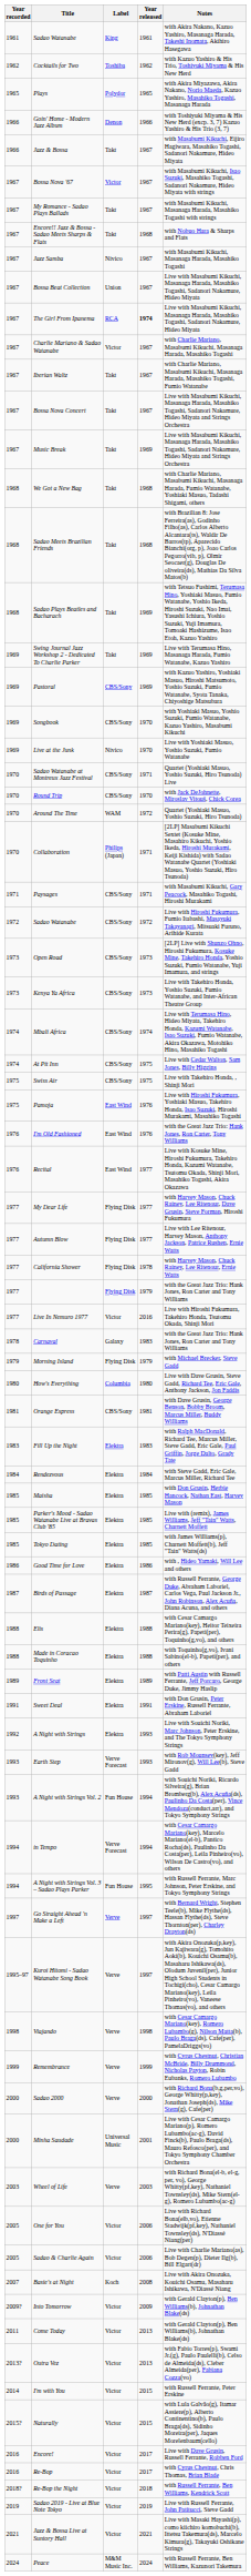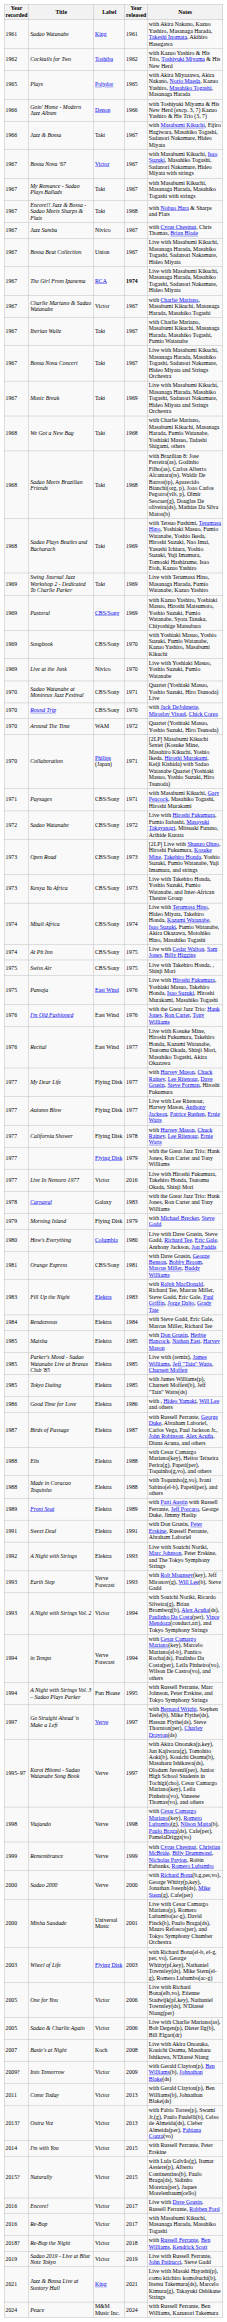 <table class="wikitable">
 <tr>
 <th column style="width:6%;">Year recorded</th>
 <th column style="width:35%;">Title</th>
 <th column style="width:15%;">Label</th>
 <th column style="width:6%;">Year released</th>
 <th column style="width:38%;">Notes</th>
 </tr>
 <tr>
 <td>1961</td>
 <td><em>Sadao Watanabe</em></td>
 <td><a href='#'>King</a></td>
 <td>1961</td>
 <td>with Akira Nakano, Kazuo Yashiro, Masanaga Harada, <a href='#'>Takeshi Inomata</a>, Akihiro Hasegawa</td>
 </tr>
 <tr>
 <td>1962</td>
 <td><em>Cocktails for Two</em></td>
 <td><a href='#'>Toshiba</a></td>
 <td>1962</td>
 <td>with Kazuo Yashiro & His Trio, <a href='#'>Toshiyuki Miyama</a> & His New Herd</td>
 </tr>
 <tr>
 <td>1965</td>
 <td><em>Plays</em></td>
 <td><a href='#'>Polydor</a></td>
 <td>1965</td>
 <td>with Akira Miyazawa, Akira Nakano, <a href='#'>Norio Maeda</a>, Kazuo Yashiro, <a href='#'>Masahiko Togashi</a>, Masanaga Harada</td>
 </tr>
 <tr>
 <td>1966</td>
 <td><em>Goin' Home - Modern Jazz Album</em></td>
 <td><a href='#'>Denon</a></td>
 <td>1966</td>
 <td>with Toshiyuki Miyama & His New Herd (excp. 3, 7) Kazuo Yashiro & His Trio (3, 7)</td>
 </tr>
 <tr>
 <td>1966</td>
 <td><em>Jazz & Bossa</em></td>
 <td>Takt</td>
 <td>1967</td>
 <td>with <a href='#'>Masabumi Kikuchi</a>, Eijiro Hagiwara, Masahiko Togashi, Sadanori Nakamure, Hideo Miyata</td>
 </tr>
 <tr>
 <td>1967</td>
 <td><em>Bossa Nova '67</em></td>
 <td><a href='#'>Victor</a></td>
 <td>1967</td>
 <td>with Masabumi Kikuchi, <a href='#'>Isao Suzuki</a>, Masahiko Togashi, Sadanori Nakamure, Hideo Miyata with strings</td>
 </tr>
 <tr>
 <td>1967</td>
 <td><em>My Romance - Sadao Plays Ballads</em></td>
 <td>Takt</td>
 <td>1967</td>
 <td>with Masabumi Kikuchi, Masanaga Harada, Masahiko Togashi with strings</td>
 </tr>
 <tr>
 <td>1967</td>
 <td><em>Encore!! Jazz & Bossa - Sadao Meets Sharps & Flats</em></td>
 <td>Takt</td>
 <td>1968</td>
 <td>with <a href='#'>Nobuo Hara</a> & Sharps and Flats</td>
 </tr>
 <tr>
 <td>1967</td>
 <td><em>Jazz Samba</em></td>
 <td>Nivico</td>
 <td>1967</td>
-<td>with Masabumi Kikuchi, Masanaga Harada, Masahiko Togashi</td>
+<td>with <a href='#'>Cyrus Chestnut</a>, Chris Thomas, <a href='#'>Brian Blade</a></td>
 </tr>
 <tr>
 <td>1967</td>
 <td><em>Bossa Beat Collection</em></td>
 <td>Union</td>
 <td>1967</td>
 <td>Live with Masabumi Kikuchi, Masanaga Harada, Masahiko Togashi, Sadanori Nakamure, Hideo Miyata</td>
 </tr>
 <tr>
 <td>1967</td>
 <td><em>The Girl From Ipanema</em></td>
 <td><a href='#'>RCA</a></td>
 <td><strong>1974</strong></td>
 <td>Live with Masabumi Kikuchi, Masanaga Harada, Masahiko Togashi, Sadanori Nakamure, Hideo Miyata</td>
 </tr>
 <tr>
 <td>1967</td>
 <td><em>Charlie Mariano & Sadao Watanabe</em></td>
 <td>Victor</td>
 <td>1967</td>
 <td>with <a href='#'>Charlie Mariano</a>, Masabumi Kikuchi, Masanaga Harada, Masahiko Togashi</td>
 </tr>
 <tr>
 <td>1967</td>
 <td><em>Iberian Waltz</em></td>
 <td>Takt</td>
 <td>1967</td>
 <td>with Charlie Mariano, Masabumi Kikuchi, Masanaga Harada, Masahiko Togashi, Fumio Watanabe</td>
 </tr>
 <tr>
 <td>1967</td>
 <td><em>Bossa Nova Concert</em></td>
 <td>Takt</td>
 <td>1967</td>
 <td>Live with Masabumi Kikuchi, Masanaga Harada, Masahiko Togashi, Sadanori Nakamure, Hideo Miyata and Strings Orchestra</td>
 </tr>
 <tr>
 <td>1967</td>
 <td><em>Music Break</em></td>
 <td>Takt</td>
 <td>1969</td>
 <td>Live with Masabumi Kikuchi, Masanaga Harada, Masahiko Togashi, Sadanori Nakamure, Hideo Miyata and Strings Orchestra</td>
 </tr>
 <tr>
 <td>1968</td>
 <td><em>We Got a New Bag</em></td>
 <td>Takt</td>
 <td>1968</td>
 <td>with Charlie Mariano, Masabumi Kikuchi, Masanaga Harada, Fumio Watanabe, Yoshiaki Masuo, Tadashi Shigami, others</td>
 </tr>
 <tr>
 <td>1968</td>
 <td><em>Sadao Meets Brazilian Friends</em></td>
 <td>Takt</td>
 <td>1968</td>
 <td>with Brazilian 8: Jose Ferreira(as), Godinho Filho(as), Carlos Alberto Alcantara(ts), Waldir De Barros(tp), Aparecido Bianchi(org, p), Joao Carlos Pegorro(vib, p), Olmir Seocaer(g), Douglas De oliveira(ds), Mathias Da Silva Matos(b)</td>
 </tr>
 <tr>
 <td>1968</td>
 <td><em>Sadao Plays Beatles and Bacharach</em></td>
 <td>Takt</td>
 <td>1969</td>
 <td>with Tetsuo Fushimi, <a href='#'>Terumasa Hino</a>, Yoshiaki Masuo, Fumio Watanabe, Yoshio Ikeda, Hiroshi Suzuki, Nao Imai, Yasushi Ichiura, Yoshio Suzuki, Yuji Imamura, Tomoaki Hashizume, Isao Etoh, Kazuo Yashiro</td>
 </tr>
 <tr>
 <td>1969</td>
 <td><em>Swing Journal Jazz Workshop 2 - Dedicated To Charlie Parker</em></td>
 <td>Takt</td>
 <td>1969</td>
 <td>Live with Terumasa Hino, Masanaga Harada, Fumio Watanabe, Kazuo Yashiro</td>
 </tr>
 <tr>
 <td>1969</td>
 <td><em>Pastoral</em></td>
 <td><a href='#'>CBS/Sony</a></td>
 <td>1969</td>
 <td>with Kazuo Yashiro, Yoshiaki Masuo, Hiroshi Matsumoto, Yoshio Suzuki, Fumio Watanabe, Syota Tanaka, Chiyoshige Matsubara</td>
 </tr>
 <tr>
 <td>1969</td>
 <td><em>Songbook</em></td>
 <td>CBS/Sony</td>
 <td>1970</td>
 <td>with Yoshiaki Masuo, Yoshio Suzuki, Fumio Watanabe, Kazuo Yashiro, Masabumi Kikuchi</td>
 </tr>
 <tr>
 <td>1969</td>
 <td><em>Live at the Junk</em></td>
 <td>Nivico</td>
 <td>1970</td>
 <td>Live with Yoshiaki Masuo, Yoshio Suzuki, Fumio Watanabe</td>
 </tr>
 <tr>
 <td>1970</td>
 <td><em>Sadao Watanabe at Montreux Jazz Festival</em></td>
 <td>CBS/Sony</td>
 <td>1971</td>
 <td>Quartet (Yoshiaki Masuo, Yoshio Suzuki, Hiro Tsunoda) Live</td>
 </tr>
 <tr>
 <td>1970</td>
 <td><em><a href='#'>Round Trip</a></em></td>
 <td>CBS/Sony</td>
 <td>1970</td>
 <td>with <a href='#'>Jack DeJohnette</a>, <a href='#'>Miroslav Vitouš</a>, <a href='#'>Chick Corea</a></td>
 </tr>
 <tr>
 <td>1970</td>
 <td><em>Around The Time</em></td>
 <td>WAM</td>
 <td>1972</td>
 <td>Quartet (Yoshiaki Masuo, Yoshio Suzuki, Hiro Tsunoda)</td>
 </tr>
 <tr>
 <td>1970</td>
 <td><em>Collaboration</em></td>
 <td><a href='#'>Philips</a> (Japan)</td>
 <td>1971</td>
 <td>[2LP] Masabumi Kikuchi Sextet (Kosuke Mine, Masahiro Kikuchi, Yoshio Ikeda, <a href='#'>Hiroshi Murakami</a>, Keiji Kishida) with Sadao Watanabe Quartet (Yoshiaki Masuo, Yoshio Suzuki, Hiro Tsunoda)</td>
 </tr>
 <tr>
 <td>1971</td>
 <td><em>Paysages</em></td>
 <td>CBS/Sony</td>
 <td>1971</td>
 <td>with Masabumi Kikuchi, <a href='#'>Gary Peacock</a>, Masahiko Togashi, Hiroshi Murakami</td>
 </tr>
 <tr>
 <td>1972</td>
 <td><em>Sadao Watanabe</em></td>
 <td>CBS/Sony</td>
 <td>1972</td>
 <td>Live with <a href='#'>Hiroshi Fukumura</a>, Fumio Itabashi, <a href='#'>Masayuki Takayanagi</a>, Mitsuaki Furuno, Arihide Kurata</td>
 </tr>
 <tr>
 <td>1973</td>
 <td><em>Open Road</em></td>
 <td>CBS/Sony</td>
 <td>1973</td>
 <td>[2LP] Live with <a href='#'>Shunzo Ohno</a>, Hiroshi Fukumura, <a href='#'>Kosuke Mine</a>, <a href='#'>Takehiro Honda</a>, Yoshio Suzuki, Fumio Watanabe, Yuji Imamura, and strings</td>
 </tr>
 <tr>
 <td>1973</td>
 <td><em>Kenya Ya Africa</em></td>
 <td>CBS/Sony</td>
 <td>1973</td>
 <td>Live with Takehiro Honda, Yoshio Suzuki, Fumio Watanabe, and Inter-African Theatre Group</td>
 </tr>
 <tr>
 <td>1974</td>
 <td><em>Mbali Africa</em></td>
 <td>CBS/Sony</td>
 <td>1974</td>
 <td>Live with <a href='#'>Terumasa Hino</a>, Hideo Miyata, Takehiro Honda, <a href='#'>Kazumi Watanabe</a>, <a href='#'>Isao Suzuki</a>, Fumio Watanabe, Akira Okazawa, Motohiko Hino, Masahiko Togashi</td>
 </tr>
 <tr>
 <td>1974</td>
 <td><em>At Pit Inn</em></td>
 <td>CBS/Sony</td>
 <td>1975</td>
 <td>Live with <a href='#'>Cedar Walton</a>, <a href='#'>Sam Jones</a>, <a href='#'>Billy Higgins</a></td>
 </tr>
 <tr>
 <td>1975</td>
 <td><em>Swiss Air</em></td>
 <td>CBS/Sony</td>
 <td>1975</td>
 <td>Live with Takehiro Honda, , Shinji Mori</td>
 </tr>
 <tr>
 <td>1975</td>
 <td><em>Pamoja</em></td>
 <td><a href='#'>East Wind</a></td>
 <td>1976</td>
 <td>Live with <a href='#'>Hiroshi Fukumura</a>, Yoshiaki Masuo, Takehiro Honda, <a href='#'>Isao Suzuki</a>, Hiroshi Murakami, Masahiko Togashi</td>
 </tr>
 <tr>
 <td>1976</td>
 <td><em><a href='#'>I'm Old Fashioned</a></em></td>
 <td>East Wind</td>
 <td>1976</td>
 <td>with the Great Jazz Trio: <a href='#'>Hank Jones</a>, <a href='#'>Ron Carter</a>, <a href='#'>Tony Williams</a></td>
 </tr>
 <tr>
 <td>1976</td>
 <td><em>Recital</em></td>
 <td>East Wind</td>
 <td>1977</td>
 <td>Live with Kosuke Mine, Hiroshi Fukumura, Takehiro Honda, Kazumi Watanabe, Tsutomu Okada, Shinji Mori, Masahiko Togashi, Akira Okazawa</td>
 </tr>
 <tr>
 <td>1977</td>
 <td><em>My Dear Life</em></td>
 <td>Flying Disk</td>
 <td>1977</td>
 <td>with <a href='#'>Harvey Mason</a>, <a href='#'>Chuck Rainey</a>, <a href='#'>Lee Ritenour</a>, <a href='#'>Dave Grusin</a>, <a href='#'>Steve Forman</a>, Hiroshi Fukumura</td>
 </tr>
 <tr>
 <td>1977</td>
 <td><em>Autumn Blow</em></td>
 <td>Flying Disk</td>
 <td>1977</td>
 <td>Live with Lee Ritenour, Harvey Mason, <a href='#'>Anthony Jackson</a>, <a href='#'>Patrice Rushen</a>, <a href='#'>Ernie Watts</a></td>
 </tr>
 <tr>
 <td>1977</td>
 <td><em>California Shower</em></td>
 <td>Flying Disk</td>
 <td>1978</td>
 <td>with <a href='#'>Harvey Mason</a>, <a href='#'>Chuck Rainey</a>, <a href='#'>Lee Ritenour</a>, <a href='#'>Ernie Watts</a></td>
 </tr>
 <tr>
 <td>1977</td>
 <td><em></em></td>
 <td><a href='#'>Flying Disk</a></td>
 <td>1979</td>
 <td>with the Great Jazz Trio: Hank Jones, Ron Carter and Tony Williams</td>
 </tr>
 <tr>
 <td>1977</td>
 <td><em>Live In Nemuro 1977</em></td>
 <td>Victor</td>
 <td>2016</td>
 <td>Live with Hiroshi Fukumura, Takehiro Honda, Tsutomu Okada, Shinji Mori</td>
 </tr>
 <tr>
 <td>1978</td>
 <td><em><a href='#'>Carnaval</a></em></td>
 <td>Galaxy</td>
 <td>1983</td>
 <td>with the Great Jazz Trio: Hank Jones, Ron Carter and Tony Williams</td>
 </tr>
 <tr>
 <td>1979</td>
 <td><em>Morning Island</em></td>
 <td>Flying Disk</td>
 <td>1979</td>
 <td>with <a href='#'>Michael Brecker</a>, <a href='#'>Steve Gadd</a></td>
 </tr>
 <tr>
 <td>1980</td>
 <td><em>How's Everything</em></td>
 <td><a href='#'>Columbia</a></td>
 <td>1980</td>
 <td>Live with Dave Grusin, Steve Gadd, <a href='#'>Richard Tee</a>, <a href='#'>Eric Gale</a>, Anthony Jackson, <a href='#'>Jon Faddis</a></td>
 </tr>
 <tr>
 <td>1981</td>
 <td><em>Orange Express</em></td>
 <td>CBS/Sony</td>
 <td>1981</td>
 <td>with Dave Grusin, <a href='#'>George Benson</a>, <a href='#'>Bobby Broom</a>, <a href='#'>Marcus Miller</a>, <a href='#'>Buddy Williams</a></td>
 </tr>
 <tr>
 <td>1983</td>
 <td><em>Fill Up the Night</em></td>
 <td><a href='#'>Elektra</a></td>
 <td>1983</td>
 <td>with <a href='#'>Ralph MacDonald</a>, Richard Tee, Marcus Miller, Steve Gadd, Eric Gale, <a href='#'>Paul Griffin</a>, <a href='#'>Jorge Dalto</a>, <a href='#'>Grady Tate</a></td>
 </tr>
 <tr>
 <td>1984</td>
 <td><em>Rendezvous</em></td>
 <td>Elektra</td>
 <td>1984</td>
 <td>with Steve Gadd, Eric Gale, Marcus Miller, Richard Tee</td>
 </tr>
 <tr>
 <td>1985</td>
 <td><em>Maisha</em></td>
 <td>Elektra</td>
 <td>1985</td>
 <td>with <a href='#'>Don Grusin</a>, <a href='#'>Herbie Hancock</a>, <a href='#'>Nathan East</a>, <a href='#'>Harvey Mason</a></td>
 </tr>
 <tr>
 <td>1985</td>
 <td><em>Parker's Mood - Sadao Watanabe Live at Bravas Club '85</em></td>
 <td>Elektra</td>
 <td>1985</td>
 <td>Live with (remix), <a href='#'>James Williams</a>, <a href='#'>Jeff "Tain" Watts</a>, <a href='#'>Charnett Moffett</a></td>
 </tr>
 <tr>
 <td>1985</td>
 <td><em>Tokyo Dating</em></td>
 <td>Elektra</td>
 <td>1985</td>
 <td>with James Williams(p), Charnett Moffett(b), Jeff "Tain" Watts(ds)</td>
 </tr>
 <tr>
 <td>1986</td>
 <td><em>Good Time for Love</em></td>
 <td>Elektra</td>
 <td>1986</td>
 <td>with , <a href='#'>Hideo Yamaki</a>, <a href='#'>Will Lee</a> and others</td>
 </tr>
 <tr>
 <td>1987</td>
 <td><em>Birds of Passage</em></td>
 <td>Elektra</td>
 <td>1987</td>
 <td>with Russell Ferrante, <a href='#'>George Duke</a>, Abraham Laboriel, Carlos Vega, Paul Jackson Jr.,  <a href='#'>John Robinson</a>, <a href='#'>Alex Acuña</a>, Diana Acuna, and others</td>
 </tr>
 <tr>
 <td>1988</td>
 <td><em>Elis</em></td>
 <td>Elektra</td>
 <td>1988</td>
 <td>with Cesar Camargo Mariano(key), Heitor Teixeira Perira(g), Papeti(per), Toquinho(g,vo), and others</td>
 </tr>
 <tr>
 <td>1988</td>
 <td><em>Made in Coracao Toquinho</em></td>
 <td>Elektra</td>
 <td>1988</td>
 <td>with Toquinho(g,vo), Ivani Sabino(el-b), Papeti(per), and others</td>
 </tr>
 <tr>
 <td>1989</td>
 <td><em><a href='#'>Front Seat</a></em></td>
 <td>Elektra</td>
 <td>1989</td>
 <td>with <a href='#'>Patti Austin</a> with Russell Ferrante, <a href='#'>Jeff Porcaro</a>, George Duke, Jimmy Haslip</td>
 </tr>
 <tr>
 <td>1991</td>
 <td><em>Sweet Deal</em></td>
 <td>Elektra</td>
 <td>1991</td>
 <td>with Don Grusin, <a href='#'>Peter Erskine</a>, Russell Ferrante, Abraham Laboriel</td>
 </tr>
 <tr>
 <td>1992</td>
 <td><em>A Night with Strings</em></td>
 <td>Elektra</td>
 <td>1993</td>
 <td>Live with Souichi Noriki, <a href='#'>Marc Johnson</a>, Peter Erskine, and The Tokyo Symphony Strings</td>
 </tr>
 <tr>
 <td>1993</td>
 <td><em>Earth Step</em></td>
 <td>Verve Forecast</td>
 <td>1993</td>
 <td>with <a href='#'>Rob Mounsey</a>(key), Jeff Mironov(g), <a href='#'>Will Lee</a>(b), Steve Gadd</td>
 </tr>
 <tr>
 <td>1993</td>
 <td><em>A Night with Strings Vol. 2</em></td>
-<td>Fun House</td>
+<td>Victor</td>
 <td>1994</td>
 <td>with Souichi Noriki, Ricardo Silveira(g), Brian Bromberg(b), <a href='#'>Alex Acuña</a>(ds), <a href='#'>Paulinho Da Costa</a>(per), <a href='#'>Vince Mendoza</a>(conduct,arr), and Tokyo Symphony Strings</td>
 </tr>
 <tr>
 <td>1994</td>
 <td><em>in Tempo</em></td>
 <td>Verve Forecast</td>
 <td>1994</td>
 <td>with <a href='#'>Cesar Camargo Mariano</a>(key), Marcelo Mariano(el-b), Pantico Rocha(ds), Paulinho Da Costa(per), Leila Pinheiro(vo), Wilson De Castro(vo), and others</td>
 </tr>
 <tr>
 <td>1994</td>
 <td><em>A Night with Strings Vol. 3 – Sadao Plays Parker</em></td>
 <td>Fun House</td>
 <td>1995</td>
 <td>with Russell Ferrante, Marc Johnson, Peter Erskine, and Tokyo Symphony Strings</td>
 </tr>
 <tr>
 <td>1997</td>
 <td><em>Go Straight Ahead 'n Make a Left</em></td>
 <td><a href='#'>Verve</a></td>
 <td>1997</td>
 <td>with <a href='#'>Bernard Wright</a>, Stephen Teele(b), Mike Flythe(ds), Hassan Flythe(ds), Steve Thornton(per), <a href='#'>Charley Drayton</a>(ds)</td>
 </tr>
 <tr>
 <td>1995–97</td>
 <td><em>Kuroi Hitomi - Sadao Watanabe Song Book</em></td>
 <td>Verve</td>
 <td>1997</td>
 <td>with Akira Onozuka(p,key), Jun Kajiwara(g), Tomohito Aoki(b), Kouichi Osamu(b), Masaharu Ishikawa(ds), Olodum Juvenil(per), Junior High School Students in Tochigi(cho), Cesar Camargo Mariano(key), Leila Pinheiro(vo), Vaneese Thomas(vo), and others</td>
 </tr>
 <tr>
 <td>1998</td>
 <td><em>Viajando</em></td>
 <td>Verve</td>
 <td>1998</td>
 <td>with <a href='#'>Cesar Camargo Mariano</a>(key), <a href='#'>Romero Lubambo</a>(g), <a href='#'>Nilson Matta</a>(b), <a href='#'>Paulo Braga</a>(ds), Cafe(per), PamelaDriggs(vo)</td>
 </tr>
 <tr>
 <td>1999</td>
 <td><em>Remembrance</em></td>
 <td>Verve</td>
 <td>1999</td>
 <td>with <a href='#'>Cyrus Chestnut</a>, <a href='#'>Christian McBride</a>, <a href='#'>Billy Drummond</a>,  <a href='#'>Nicholas Payton</a>, Robin Eubanks, <a href='#'>Romero Lubambo</a></td>
 </tr>
 <tr>
 <td> 2000</td>
 <td><em>Sadao 2000</em></td>
 <td>Verve</td>
 <td>2000</td>
 <td>with <a href='#'>Richard Bona</a>(b,g,per,vo), George Whitty(p,key), Jonathan Joseph(ds), <a href='#'>Mike Stern</a>(g), Cafe(per)</td>
 </tr>
 <tr>
 <td> 2000</td>
 <td><em>Minha Saudade</em></td>
 <td>Universal Music</td>
 <td>2001</td>
 <td>Live with Cesar Camargo Mariano(p), Romero Lubambo(ac-g), David Finck(b), Paulo Braga(ds), Mauro Refosco(per), and Tokyo Symphony Chamber Orchestra</td>
 </tr>
 <tr>
 <td>2003</td>
 <td><em>Wheel of Life</em></td>
-<td>Verve</td>
+<td><a href='#'>Flying Disk</a></td>
 <td>2003</td>
 <td>with Richard Bona(el-b, el-g, per, vo), George Whitty(pf,key), Nathaniel Townsley(ds), Mike Stern(el-g), Romero Lubambo(ac-g)</td>
 </tr>
 <tr>
 <td>2005</td>
 <td><em>One for You</em></td>
 <td>Victor</td>
 <td>2006</td>
 <td>Live with Richard Bona(elb,vo), Etienne Stadwijk(pf,key), Nathaniel Townsley(ds), N'Diassé Niang(per)</td>
 </tr>
 <tr>
 <td>2005</td>
 <td><em>Sadao & Charlie Again</em></td>
 <td>Victor</td>
 <td>2006</td>
 <td>Live with Charlie Mariano(as), Bob Degen(p), Dieter Ilg(b), Bill Elgart(dr)</td>
 </tr>
 <tr>
 <td>2007</td>
 <td><em>Basie's at Night</em></td>
 <td>Koch</td>
 <td>2008</td>
 <td>Live with Akira Onozuka, Kouichi Osamu, Masaharu Ishikawa, N'Diassé Niang</td>
 </tr>
 <tr>
 <td>2009?</td>
 <td><em>Into Tomorrow</em></td>
 <td>Victor</td>
 <td>2009</td>
 <td>with Gerald Clayton(p), <a href='#'>Ben Williams</a>(b), <a href='#'>Johnathan Blake</a>(ds)</td>
 </tr>
 <tr>
 <td>2011</td>
 <td><em>Come Today</em></td>
 <td>Victor</td>
 <td>2013</td>
 <td>with Gerald Clayton(p), Ben Williams(b), Johnathan Blake(ds)</td>
 </tr>
 <tr>
 <td>2013?</td>
 <td><em>Outra Vez</em></td>
 <td>Victor</td>
 <td>2013</td>
 <td>with Fabio Torres(p), Swami Jr.(g), Paulo Paulelli(b), Celso de Almeida(ds), Cleber Almeida(per), <a href='#'>Fabiana Cozza</a>(vo)</td>
 </tr>
 <tr>
 <td>2014</td>
 <td><em>I'm with You</em></td>
 <td>Victor</td>
 <td>2015</td>
 <td>with Russell Ferrante, Peter Erskine</td>
 </tr>
 <tr>
 <td>2015?</td>
 <td><em>Naturally</em></td>
 <td>Victor</td>
 <td>2015</td>
 <td>with Lula Galvão(g), Itamar Assiere(p), Alberto Continentino(b), Paulo Braga(ds), Sidinho Moreira(per), Jaques Morelenbaum(cello)</td>
 </tr>
 <tr>
 <td>2016</td>
 <td><em>Encore!</em></td>
 <td>Victor</td>
 <td>2017</td>
 <td>Live with <a href='#'>Dave Grusin</a>, Russell Ferrante, <a href='#'>Robben Ford</a></td>
 </tr>
 <tr>
 <td>2016</td>
 <td><em>Re-Bop</em></td>
 <td>Victor</td>
 <td>2017</td>
-<td>with <a href='#'>Cyrus Chestnut</a>, Chris Thomas, <a href='#'>Brian Blade</a></td>
+<td>with Masabumi Kikuchi, Masanaga Harada, Masahiko Togashi</td>
 </tr>
 <tr>
 <td>2018?</td>
 <td><em>Re-Bop the Night</em></td>
 <td>Victor</td>
 <td>2018</td>
 <td>with <a href='#'>Russell Ferrante</a>, <a href='#'>Ben Williams</a>, <a href='#'>Kendrick Scott</a></td>
 </tr>
 <tr>
 <td>2019</td>
 <td><em>Sadao 2019 - Live at Blue Note Tokyo</em></td>
 <td>Victor</td>
 <td>2019</td>
 <td>Live with Russell Ferrante, <a href='#'>John Patitucci</a>, Steve Gadd</td>
 </tr>
 <tr>
 <td>2021</td>
 <td><em>Jazz & Bossa Live at Suntory Hall</em></td>
-<td>Victor</td>
+<td><a href='#'>King</a></td>
 <td>2021</td>
 <td>Live with Masaki Hayashi(p), como kiichiro komobuchi(b), Ittetsu Takemura(ds), Marcelo Kimura(g), Takayuki Oshikane Strings</td>
 </tr>
 <tr>
 <td>2024</td>
 <td><em>Peace</em></td>
 <td>M&M Music Inc.</td>
 <td>2024</td>
 <td>with Russell Ferrante, Ben Williams, Kazunori Takemura</td>
 </tr>
 </table>
